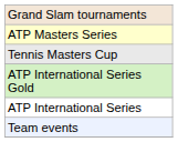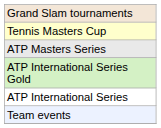 <table class="wikitable"  style="font-size:95%; width:13%;">
 <tr style="background:#f3e6d7;">
 <td>Grand Slam tournaments</td>
 </tr>
 <tr style="background:#ffffcc;">
-<td>ATP Masters Series</td>
+<td>Tennis Masters Cup</td>
 </tr>
 <tr style="background:#e9e9e9;">
-<td>Tennis Masters Cup</td>
+<td>ATP Masters Series</td>
 </tr>
 <tr style="background:#d4f1c5;">
 <td>ATP International Series Gold</td>
 </tr>
 <tr bgcolor="#ffffff">
 <td>ATP International Series</td>
 </tr>
 <tr style="background:#ecf2ff;">
 <td>Team events</td>
 </tr>
 <tr>
 </tr>
 </table>
